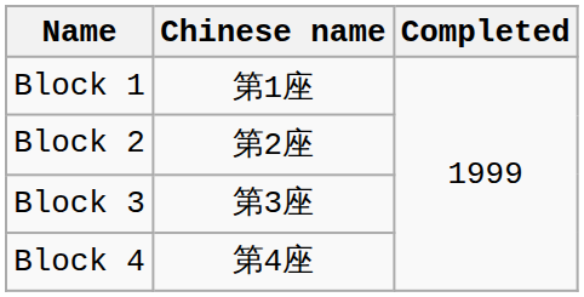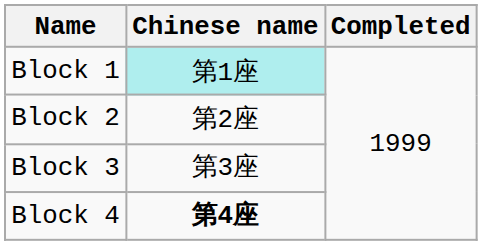 <table class="wikitable" style="text-align: center">
 <tr>
 <th>Name</th>
 <th>Chinese name</th>
 <th>Completed</th>
 </tr>
 <tr>
 <td>Block 1</td>
-<td>第1座</td>
+<td style="background: paleturquoise;">第1座</td>
 <td rowspan="4">1999</td>
 </tr>
 <tr>
 <td>Block 2</td>
 <td>第2座</td>
 </tr>
 <tr>
 <td>Block 3</td>
 <td>第3座</td>
 </tr>
 <tr>
 <td>Block 4</td>
-<td>第4座</td>
+<td><strong>第4座</strong></td>
 </tr>
 </table>
